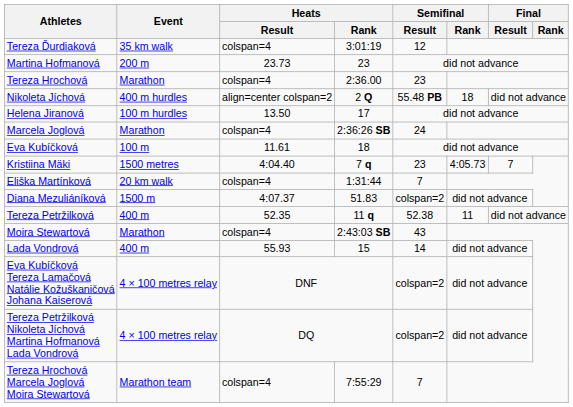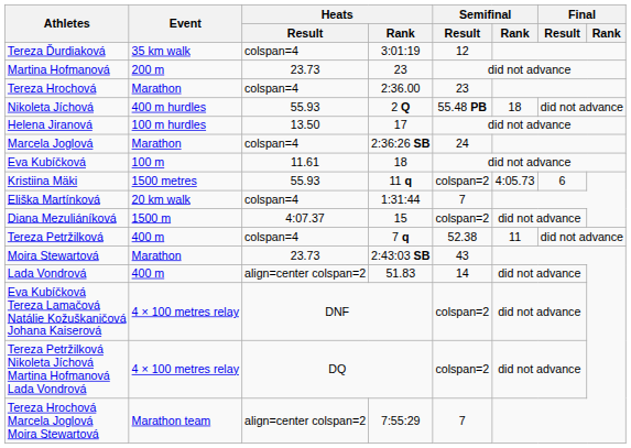 <table class="wikitable" border="1" style="font-size:90%">
 <tr>
 <th rowspan="2">Athletes</th>
 <th rowspan="2">Event</th>
 <th colspan="2">Heats</th>
 <th colspan="2">Semifinal</th>
 <th colspan="2">Final</th>
 </tr>
 <tr>
 <th>Result</th>
 <th>Rank</th>
 <th>Result</th>
 <th>Rank</th>
 <th>Result</th>
 <th>Rank</th>
 </tr>
 <tr>
 <td><a href='#'>Tereza Ďurdiaková</a></td>
 <td><a href='#'>35 km walk</a></td>
 <td>colspan=4</td>
 <td align=center>3:01:19</td>
 <td align=center>12</td>
 </tr>
 <tr>
 <td><a href='#'>Martina Hofmanová</a></td>
 <td><a href='#'>200 m</a></td>
 <td align=center>23.73</td>
 <td align=center>23</td>
 <td align=center colspan=4>did not advance</td>
 </tr>
 <tr>
 <td><a href='#'>Tereza Hrochová</a></td>
 <td><a href='#'>Marathon</a></td>
 <td>colspan=4</td>
 <td align=center>2:36.00</td>
 <td align=center>23</td>
 </tr>
 <tr>
 <td><a href='#'>Nikoleta Jíchová</a></td>
 <td><a href='#'>400 m hurdles</a></td>
-<td>align=center colspan=2</td>
+<td align=center>55.93</td>
 <td align=center>2 <strong>Q</strong></td>
 <td align=center>55.48 <strong>PB</strong></td>
 <td align=center>18</td>
 <td align=center colspan=2>did not advance</td>
 </tr>
 <tr>
 <td><a href='#'>Helena Jiranová</a></td>
 <td><a href='#'>100 m hurdles</a></td>
 <td align=center>13.50</td>
 <td align=center>17</td>
 <td align=center colspan=4>did not advance</td>
 </tr>
 <tr>
 <td><a href='#'>Marcela Joglová</a></td>
 <td><a href='#'>Marathon</a></td>
 <td>colspan=4</td>
 <td align=center>2:36:26 <strong>SB</strong></td>
 <td align=center>24</td>
 </tr>
 <tr>
 <td><a href='#'>Eva Kubíčková</a></td>
 <td><a href='#'>100 m</a></td>
 <td align=center>11.61</td>
 <td align=center>18</td>
 <td align=center colspan=4>did not advance</td>
 </tr>
 <tr>
 <td><a href='#'>Kristiina Mäki</a></td>
 <td><a href='#'>1500 metres</a></td>
-<td align=center>4:04.40</td>
-<td align=center>7 <strong>q</strong></td>
-<td align=center>23</td>
+<td align=center>55.93</td>
+<td align=center>11 <strong>q</strong></td>
+<td>colspan=2</td>
 <td align=center>4:05.73</td>
-<td align=center>7</td>
+<td align=center>6</td>
 </tr>
 <tr>
 <td><a href='#'>Eliška Martínková</a></td>
 <td><a href='#'>20 km walk</a></td>
 <td>colspan=4</td>
 <td align=center>1:31:44</td>
 <td align=center>7</td>
 </tr>
 <tr>
 <td><a href='#'>Diana Mezuliáníková</a></td>
 <td><a href='#'>1500 m</a></td>
 <td align=center>4:07.37</td>
-<td align=center>51.83</td>
+<td align=center>15</td>
 <td>colspan=2</td>
 <td align=center colspan=2>did not advance</td>
 </tr>
 <tr>
 <td><a href='#'>Tereza Petržilková</a></td>
 <td><a href='#'>400 m</a></td>
-<td align=center>52.35</td>
-<td align=center>11 <strong>q</strong></td>
+<td>colspan=4</td>
+<td align=center>7 <strong>q</strong></td>
 <td align=center>52.38</td>
 <td align=center>11</td>
 <td align=center colspan=2>did not advance</td>
 </tr>
 <tr>
 <td><a href='#'>Moira Stewartová</a></td>
 <td><a href='#'>Marathon</a></td>
-<td>colspan=4</td>
+<td align=center>23.73</td>
 <td align=center>2:43:03 <strong>SB</strong></td>
 <td align=center>43</td>
 </tr>
 <tr>
 <td><a href='#'>Lada Vondrová</a></td>
 <td><a href='#'>400 m</a></td>
-<td align=center>55.93</td>
-<td align=center>15</td>
+<td>align=center colspan=2</td>
+<td align=center>51.83</td>
 <td align=center>14</td>
 <td align=center colspan=2>did not advance</td>
 </tr>
 <tr>
 <td><a href='#'>Eva Kubíčková</a> <br> <a href='#'>Tereza Lamačová</a><br> <a href='#'>Natálie Kožuškaničová</a><br> <a href='#'>Johana Kaiserová</a></td>
 <td><a href='#'>4 × 100 metres relay</a></td>
 <td align=center colspan=2>DNF</td>
 <td>colspan=2</td>
 <td align=center colspan=2>did not advance</td>
 </tr>
 <tr>
 <td><a href='#'>Tereza Petržilková</a><br>  <a href='#'>Nikoleta Jíchová</a><br> <a href='#'>Martina Hofmanová</a><br>  <a href='#'>Lada Vondrová</a></td>
 <td><a href='#'>4 × 100 metres relay</a></td>
 <td align=center colspan=2>DQ</td>
 <td>colspan=2</td>
 <td align=center colspan=2>did not advance</td>
 </tr>
 <tr>
 <td><a href='#'>Tereza Hrochová</a><br> <a href='#'>Marcela Joglová</a><br> <a href='#'>Moira Stewartová</a></td>
 <td><a href='#'>Marathon team</a></td>
-<td>colspan=4</td>
+<td>align=center colspan=2</td>
 <td align=center>7:55:29</td>
 <td align=center>7</td>
 </tr>
 </table>
